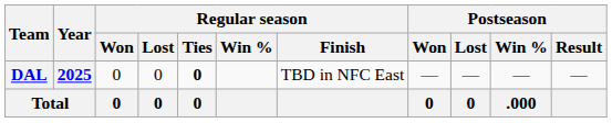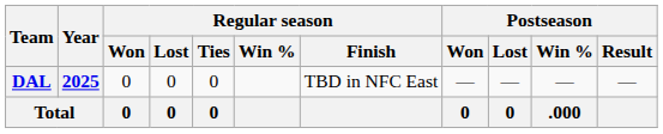 <table class="wikitable" style="font-size: 95%; text-align:center;">
 <tr>
 <th rowspan="2">Team</th>
 <th rowspan="2">Year</th>
 <th colspan="5">Regular season</th>
 <th colspan="4">Postseason</th>
 </tr>
 <tr>
 <th>Won</th>
 <th>Lost</th>
 <th>Ties</th>
 <th>Win %</th>
 <th>Finish</th>
 <th>Won</th>
 <th>Lost</th>
 <th>Win %</th>
 <th>Result</th>
 </tr>
 <tr>
 <th><a href='#'>DAL</a></th>
 <th><a href='#'>2025</a></th>
 <td>0</td>
 <td>0</td>
-<td><strong>0</strong></td>
+<td>0</td>
 <td></td>
 <td>TBD in NFC East</td>
 <td>—</td>
 <td>—</td>
 <td>—</td>
 <td>—</td>
 </tr>
 <tr>
 <th colspan="2">Total</th>
 <th>0</th>
 <th>0</th>
 <th>0</th>
 <th></th>
 <th></th>
 <th>0</th>
 <th>0</th>
 <th>.000</th>
 <th></th>
 </tr>
 </table>
